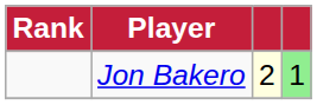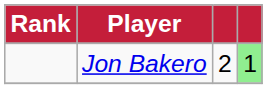 <table class="wikitable" style="text-align:center;">
 <tr>
 <th style="background:#C41E3A; color:white;">Rank</th>
 <th style="background:#C41E3A; color:white;">Player</th>
 <th style="background:#C41E3A; color:white;"></th>
 <th style="background:#C41E3A; color:white;"></th>
 </tr>
 <tr>
 </tr>
 <tr>
 <td></td>
 <td align="left"> <em><a href='#'>Jon Bakero</a></em></td>
-<td style="background: lightyellow;">2</td>
+<td>2</td>
 <td style="background: lightgreen;">1</td>
 </tr>
 <tr>
 </tr>
 </table>
